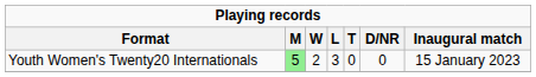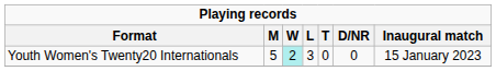 <table class="wikitable" style="text-align: center; width: 600px">
 <tr>
 <td colspan=7 align="center"><strong>Playing records</strong></td>
 </tr>
 <tr>
 <th>Format</th>
 <th>M</th>
 <th>W</th>
 <th>L</th>
 <th>T</th>
 <th>D/NR</th>
 <th>Inaugural match</th>
 </tr>
 <tr>
 <td align="left">Youth Women's Twenty20 Internationals</td>
-<td style="background: lightgreen;">5</td>
-<td>2</td>
+<td>5</td>
+<td style="background: paleturquoise;">2</td>
 <td>3</td>
 <td>0</td>
 <td>0</td>
 <td>15 January 2023</td>
 </tr>
 <tr>
 </tr>
 </table>
